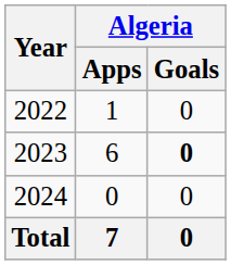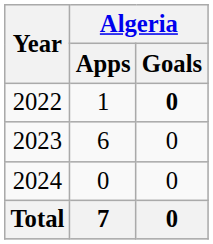 <table class="wikitable" style="text-align:center">
 <tr>
 <th rowspan=2>Year</th>
 <th colspan=2><a href='#'>Algeria</a></th>
 </tr>
 <tr>
 <th>Apps</th>
 <th>Goals</th>
 </tr>
 <tr>
 <td>2022</td>
 <td>1</td>
-<td>0</td>
+<td><strong>0</strong></td>
 </tr>
 <tr>
 <td>2023</td>
 <td>6</td>
-<td><strong>0</strong></td>
+<td>0</td>
 </tr>
 <tr>
 <td>2024</td>
 <td>0</td>
 <td>0</td>
 </tr>
 <tr>
 <th>Total</th>
 <th>7</th>
 <th>0</th>
 </tr>
 </table>
